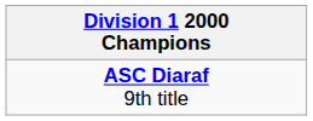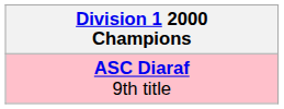 <table class="wikitable" style="margin: 0 auto; width: 240px;">
 <tr>
 <th><a href='#'>Division 1</a> 2000<br>Champions</th>
 </tr>
 <tr>
-<td align=center><strong><a href='#'>ASC Diaraf</a></strong><br>9th title</td>
+<td align=center style="background: pink;"><strong><a href='#'>ASC Diaraf</a></strong><br>9th title</td>
 </tr>
 </table>
